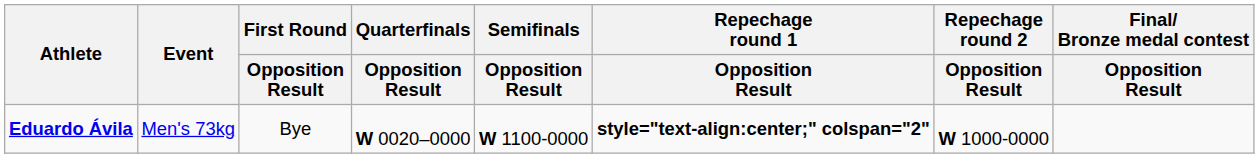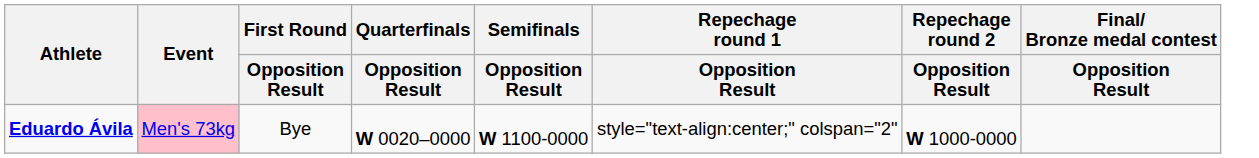 <table class=wikitable style="font-size:90%">
 <tr>
 <th rowspan="2">Athlete</th>
 <th rowspan="2">Event</th>
 <th>First Round</th>
 <th>Quarterfinals</th>
 <th>Semifinals</th>
 <th>Repechage <br>round 1</th>
 <th>Repechage <br>round 2</th>
 <th>Final/<br>Bronze medal contest</th>
 </tr>
 <tr>
 <th>Opposition<br>Result</th>
 <th>Opposition<br>Result</th>
 <th>Opposition<br>Result</th>
 <th>Opposition<br>Result</th>
 <th>Opposition<br>Result</th>
 <th>Opposition<br>Result</th>
 </tr>
 <tr>
 <td><strong><a href='#'>Eduardo Ávila</a></strong></td>
-<td style="text-align:center;"><a href='#'>Men's 73kg</a></td>
+<td style="background: pink; text-align:center;"><a href='#'>Men's 73kg</a></td>
 <td style="text-align:center;">Bye</td>
 <td style="text-align:center;"><br> <strong>W</strong> 0020–0000</td>
 <td style="text-align:center;"><br> <strong>W</strong> 1100-0000</td>
-<td><strong>style="text-align:center;" colspan="2" </strong></td>
+<td>style="text-align:center;" colspan="2" </td>
 <td style="text-align:center;"><br> <strong>W</strong> 1000-0000 </td>
 </tr>
 </table>
